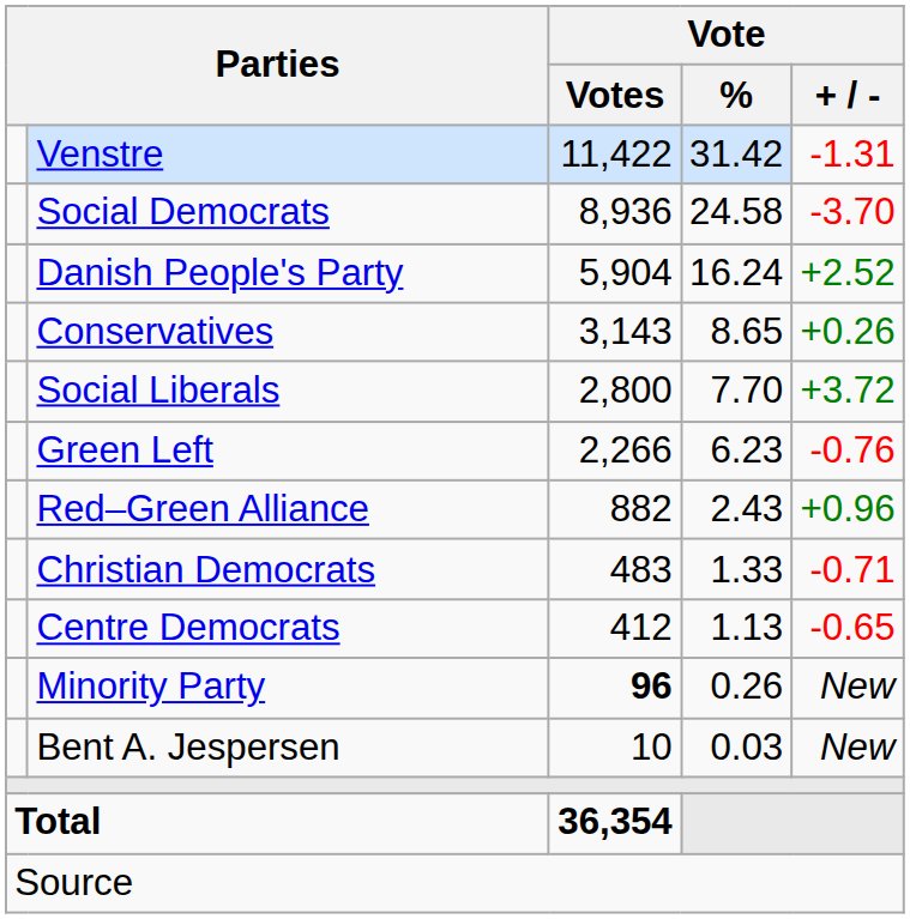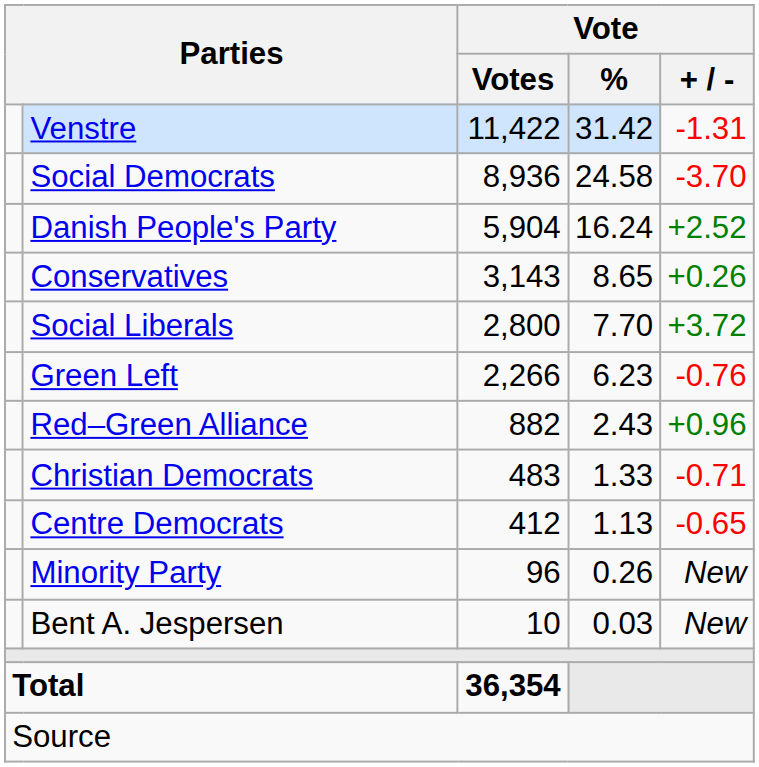 <table class="wikitable" style="text-align:right;">
 <tr>
 <th style="text-align:centre;" rowspan="2" colspan="2" width="225">Parties</th>
 <th colspan="3">Vote</th>
 </tr>
 <tr>
 <th width="15">Votes</th>
 <th width="15">%</th>
 <th width="15">+ / -</th>
 </tr>
 <tr>
 <td width="2" style="color:inherit;background:"></td>
 <td bgcolor=#cfe5fe  align="left"><a href='#'>Venstre</a></td>
 <td bgcolor=#cfe5fe>11,422</td>
 <td bgcolor=#cfe5fe>31.42</td>
 <td style=color:red;>-1.31</td>
 </tr>
 <tr>
 <td width="2" style="color:inherit;background:"></td>
 <td align="left"><a href='#'>Social Democrats</a></td>
 <td>8,936</td>
 <td>24.58</td>
 <td style=color:red;>-3.70</td>
 </tr>
 <tr>
 <td width="2" style="color:inherit;background:"></td>
 <td align="left"><a href='#'>Danish People's Party</a></td>
 <td>5,904</td>
 <td>16.24</td>
 <td style=color:green;>+2.52</td>
 </tr>
 <tr>
 <td width="2" style="color:inherit;background:"></td>
 <td align="left"><a href='#'>Conservatives</a></td>
 <td>3,143</td>
 <td>8.65</td>
 <td style=color:green;>+0.26</td>
 </tr>
 <tr>
 <td width="2" style="color:inherit;background:"></td>
 <td align="left"><a href='#'>Social Liberals</a></td>
 <td>2,800</td>
 <td>7.70</td>
 <td style=color:green;>+3.72</td>
 </tr>
 <tr>
 <td width="2" style="color:inherit;background:"></td>
 <td align="left"><a href='#'>Green Left</a></td>
 <td>2,266</td>
 <td>6.23</td>
 <td style=color:red;>-0.76</td>
 </tr>
 <tr>
 <td width="2" style="color:inherit;background:"></td>
 <td align="left"><a href='#'>Red–Green Alliance</a></td>
 <td>882</td>
 <td>2.43</td>
 <td style=color:green;>+0.96</td>
 </tr>
 <tr>
 <td width="2" style="color:inherit;background:"></td>
 <td align="left"><a href='#'>Christian Democrats</a></td>
 <td>483</td>
 <td>1.33</td>
 <td style=color:red;>-0.71</td>
 </tr>
 <tr>
 <td width="2" style="color:inherit;background:"></td>
 <td align="left"><a href='#'>Centre Democrats</a></td>
 <td>412</td>
 <td>1.13</td>
 <td style=color:red;>-0.65</td>
 </tr>
 <tr>
 <td width="2" style="color:inherit;background:"></td>
 <td align="left"><a href='#'>Minority Party</a></td>
-<td><strong>96</strong></td>
+<td>96</td>
 <td>0.26</td>
 <td><em>New</em></td>
 </tr>
 <tr>
 <td width="2" style="color:inherit;background:"></td>
 <td align="left">Bent A. Jespersen</td>
 <td>10</td>
 <td>0.03</td>
 <td><em>New</em></td>
 </tr>
 <tr>
 <td colspan="7" bgcolor="#E9E9E9"></td>
 </tr>
 <tr>
 <td align="left" colspan="2"><strong>Total</strong></td>
 <td><strong>36,354</strong></td>
 <td bgcolor="#E9E9E9" colspan="2"></td>
 </tr>
 <tr>
 <td align="left" colspan="6">Source</td>
 </tr>
 </table>
